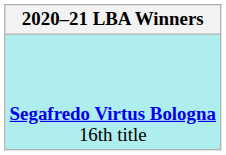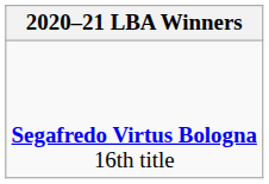 <table class=wikitable style="text-align:center; margin:auto">
 <tr>
 <th>2020–21 LBA Winners</th>
 </tr>
 <tr>
-<td style="background: paleturquoise;"><br>  <br><br> <strong><a href='#'>Segafredo Virtus Bologna</a></strong><br>16th title</td>
+<td><br>  <br><br> <strong><a href='#'>Segafredo Virtus Bologna</a></strong><br>16th title</td>
 </tr>
 </table>
